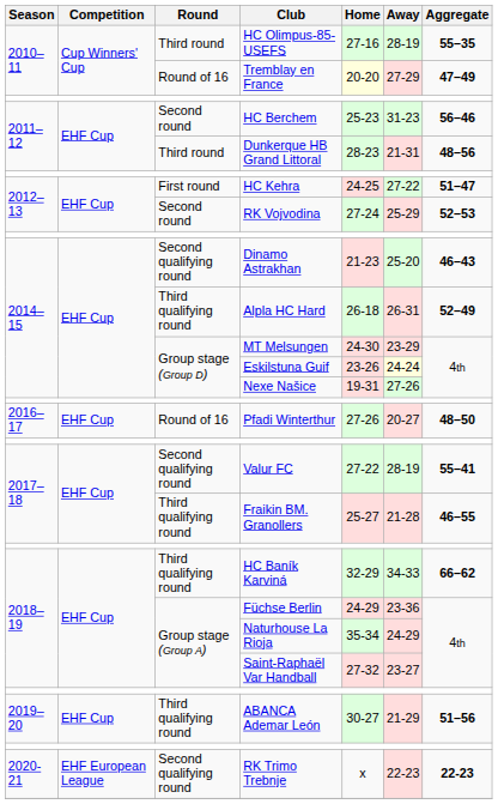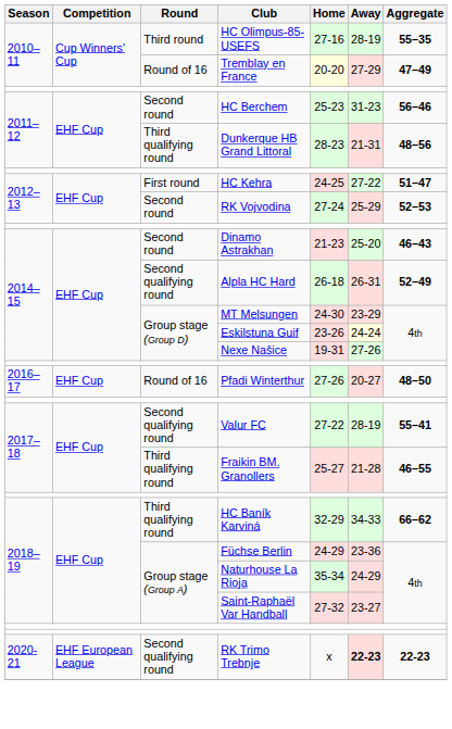 <table class="wikitable">
 <tr>
 <th>Season</th>
 <th>Competition</th>
 <th>Round</th>
 <th>Club</th>
 <th>Home</th>
 <th>Away</th>
 <th>Aggregate</th>
 </tr>
 <tr>
 <td rowspan=2><a href='#'>2010–11</a></td>
 <td rowspan=2><a href='#'>Cup Winners' Cup</a></td>
 <td>Third round</td>
 <td> <a href='#'>HC Olimpus-85-USEFS</a></td>
 <td style="text-align:center; background:#dfd;">27-16</td>
 <td style="text-align:center; background:#dfd;">28-19</td>
 <td style="text-align:center;"><strong>55–35</strong></td>
 </tr>
 <tr>
 <td>Round of 16</td>
 <td> <a href='#'>Tremblay en France</a></td>
 <td style="text-align:center; background:#ffd;">20-20</td>
 <td style="text-align:center; background:#fdd;">27-29</td>
 <td style="text-align:center;"><strong>47–49</strong></td>
 </tr>
 <tr>
 <td colspan=7 style="text-align: center;" bgcolor=white></td>
 </tr>
 <tr>
 <td rowspan=2><a href='#'>2011–12</a></td>
 <td rowspan=2><a href='#'>EHF Cup</a></td>
 <td>Second round</td>
 <td> <a href='#'>HC Berchem</a></td>
 <td style="text-align:center; background:#dfd;">25-23</td>
 <td style="text-align:center; background:#dfd;">31-23</td>
 <td style="text-align:center;"><strong>56–46</strong></td>
 </tr>
 <tr>
-<td>Third round</td>
+<td>Third qualifying round</td>
 <td> <a href='#'>Dunkerque HB Grand Littoral</a></td>
 <td style="text-align:center; background:#dfd;">28-23</td>
 <td style="text-align:center; background:#fdd;">21-31</td>
 <td style="text-align:center;"><strong>48–56</strong></td>
 </tr>
 <tr>
 <td colspan=7 style="text-align: center;" bgcolor=white></td>
 </tr>
 <tr>
 <td rowspan=2><a href='#'>2012–13</a></td>
 <td rowspan=2><a href='#'>EHF Cup</a></td>
 <td>First round</td>
 <td> <a href='#'>HC Kehra</a></td>
 <td style="text-align:center; background:#fdd;">24-25</td>
 <td style="text-align:center; background:#dfd;">27-22</td>
 <td style="text-align:center;"><strong>51–47</strong></td>
 </tr>
 <tr>
 <td>Second round</td>
 <td> <a href='#'>RK Vojvodina</a></td>
 <td style="text-align:center; background:#dfd;">27-24</td>
 <td style="text-align:center; background:#fdd;">25-29</td>
 <td style="text-align:center;"><strong>52–53</strong></td>
 </tr>
 <tr>
 <td colspan=7 style="text-align: center;" bgcolor=white></td>
 </tr>
 <tr>
 <td rowspan=5><a href='#'>2014–15</a></td>
 <td rowspan=5><a href='#'>EHF Cup</a></td>
-<td>Second qualifying round</td>
+<td>Second round</td>
 <td> <a href='#'>Dinamo Astrakhan</a></td>
 <td style="text-align:center; background:#fdd;">21-23</td>
 <td style="text-align:center; background:#dfd;">25-20</td>
 <td style="text-align:center;"><strong>46–43</strong></td>
 </tr>
 <tr>
-<td>Third qualifying round</td>
+<td>Second qualifying round</td>
 <td> <a href='#'>Alpla HC Hard</a></td>
 <td style="text-align:center; background:#dfd;">26-18</td>
 <td style="text-align:center; background:#fdd;">26-31</td>
 <td style="text-align:center;"><strong>52–49</strong></td>
 </tr>
 <tr>
 <td rowspan=3>Group stage<br><em>(<small>Group D</small>)</em></td>
 <td> <a href='#'>MT Melsungen</a></td>
 <td style="text-align:center; background:#fdd;">24-30</td>
 <td style="text-align:center; background:#fdd;">23-29</td>
 <td align=center rowspan=3>4<small>th</small></td>
 </tr>
 <tr>
 <td> <a href='#'>Eskilstuna Guif</a></td>
 <td style="text-align:center; background:#fdd;">23-26</td>
 <td style="text-align:center; background:#ffd;">24-24</td>
 </tr>
 <tr>
 <td> <a href='#'>Nexe Našice</a></td>
 <td style="text-align:center; background:#fdd;">19-31</td>
 <td style="text-align:center; background:#dfd;">27-26</td>
 </tr>
 <tr>
 <td colspan=7 style="text-align: center;" bgcolor=white></td>
 </tr>
 <tr>
 <td rowspan=1><a href='#'>2016–17</a></td>
 <td rowspan=1><a href='#'>EHF Cup</a></td>
 <td>Round of 16</td>
 <td> <a href='#'>Pfadi Winterthur</a></td>
 <td style="text-align:center; background:#dfd;">27-26</td>
 <td style="text-align:center; background:#fdd;">20-27</td>
 <td style="text-align:center;"><strong>48–50</strong></td>
 </tr>
 <tr>
 <td colspan=7 style="text-align: center;" bgcolor=white></td>
 </tr>
 <tr>
 <td rowspan=2><a href='#'>2017–18</a></td>
 <td rowspan=2><a href='#'>EHF Cup</a></td>
 <td>Second qualifying round</td>
 <td> <a href='#'>Valur FC</a></td>
 <td style="text-align:center; background:#dfd;">27-22</td>
 <td style="text-align:center; background:#dfd;">28-19</td>
 <td style="text-align:center;"><strong>55–41</strong></td>
 </tr>
 <tr>
 <td>Third qualifying round</td>
 <td> <a href='#'>Fraikin BM. Granollers</a></td>
 <td style="text-align:center; background:#fdd;">25-27</td>
 <td style="text-align:center; background:#fdd;">21-28</td>
 <td style="text-align:center;"><strong>46–55</strong></td>
 </tr>
 <tr>
 <td colspan=7 style="text-align: center;" bgcolor=white></td>
 </tr>
 <tr>
 <td rowspan=4><a href='#'>2018–19</a></td>
 <td rowspan=4><a href='#'>EHF Cup</a></td>
 <td>Third qualifying round</td>
 <td> <a href='#'>HC Baník Karviná</a></td>
 <td style="text-align:center; background:#dfd;">32-29</td>
 <td style="text-align:center; background:#dfd;">34-33</td>
 <td style="text-align:center;"><strong>66–62</strong></td>
 </tr>
 <tr>
 <td rowspan=3>Group stage<br><em>(<small>Group A</small>)</em></td>
 <td> <a href='#'>Füchse Berlin</a></td>
 <td style="text-align:center; background:#fdd;">24-29</td>
 <td style="text-align:center; background:#fdd;">23-36</td>
 <td align=center rowspan=3>4<small>th</small></td>
 </tr>
 <tr>
 <td> <a href='#'>Naturhouse La Rioja</a></td>
 <td style="text-align:center; background:#dfd;">35-34</td>
 <td style="text-align:center; background:#fdd;">24-29</td>
 </tr>
 <tr>
 <td> <a href='#'>Saint-Raphaël Var Handball</a></td>
 <td style="text-align:center; background:#fdd;">27-32</td>
 <td style="text-align:center; background:#fdd;">23-27</td>
 </tr>
 <tr>
 <td colspan=7 style="text-align: center;" bgcolor=white></td>
 </tr>
 <tr>
-<td rowspan=1><a href='#'>2019–20</a></td>
-<td rowspan=1><a href='#'>EHF Cup</a></td>
-<td>Third qualifying round</td>
-<td> <a href='#'>ABANCA Ademar León</a></td>
-<td style="text-align:center; background:#dfd;">30-27</td>
-<td style="text-align:center; background:#fdd;">21-29</td>
-<td style="text-align:center;"><strong>51–56</strong></td>
-</tr>
-<tr>
 <td colspan=7 style="text-align: center;" bgcolor=white></td>
 </tr>
 <tr>
 <td rowspan=1><a href='#'>2020-21</a></td>
 <td rowspan=1><a href='#'>EHF European League</a></td>
 <td>Second qualifying round</td>
 <td> <a href='#'>RK Trimo Trebnje</a></td>
 <td style="text-align:center;">x</td>
-<td style="text-align:center; background:#fdd;">22-23</td>
+<td style="text-align:center; background:#fdd;"><strong>22-23</strong></td>
 <td style="text-align:center;"><strong>22-23</strong></td>
 </tr>
 <tr>
 </tr>
 </table>
